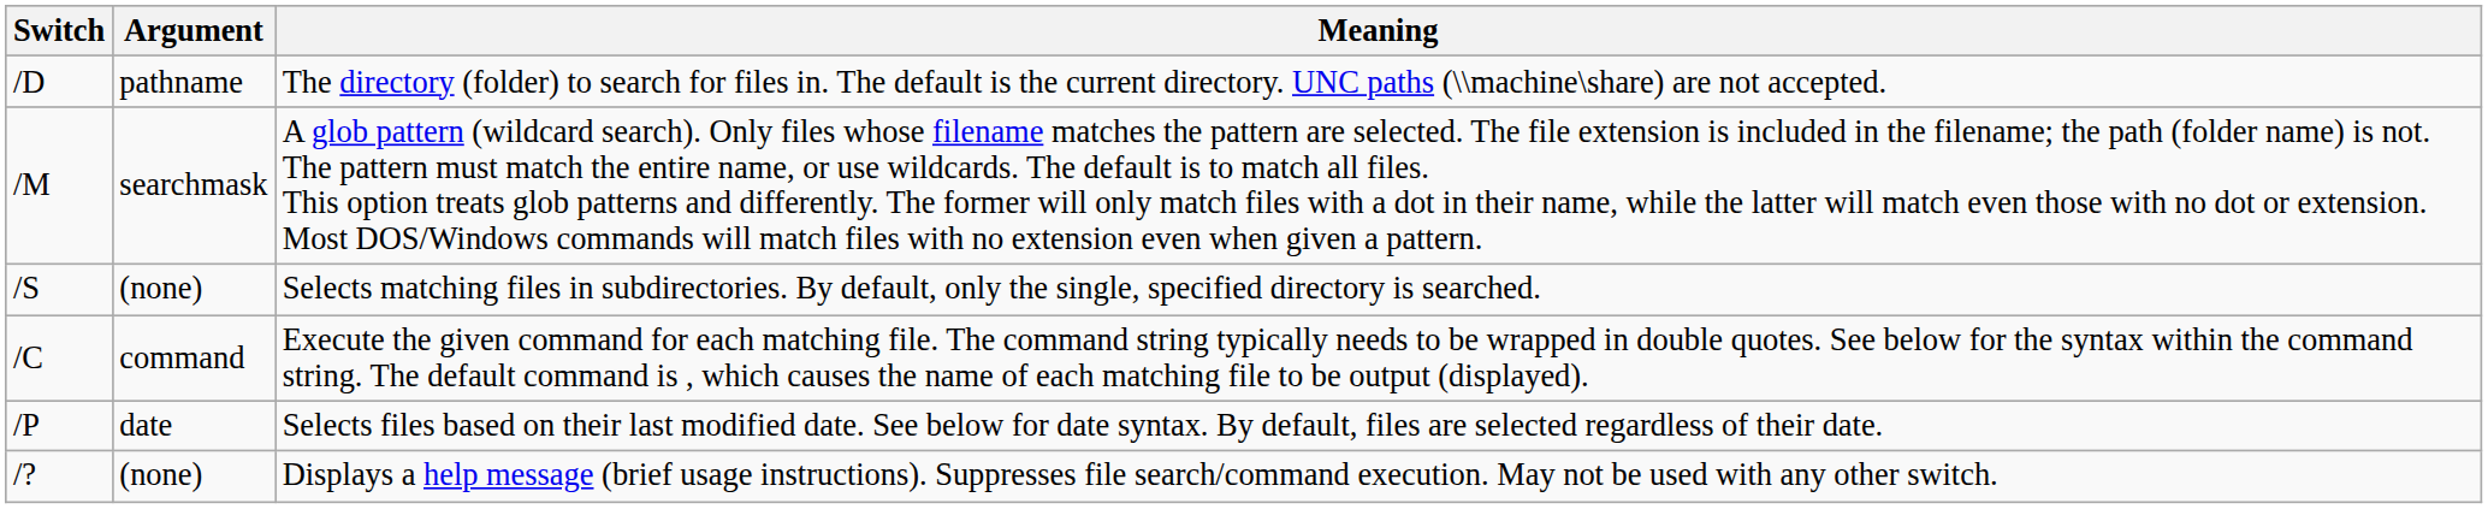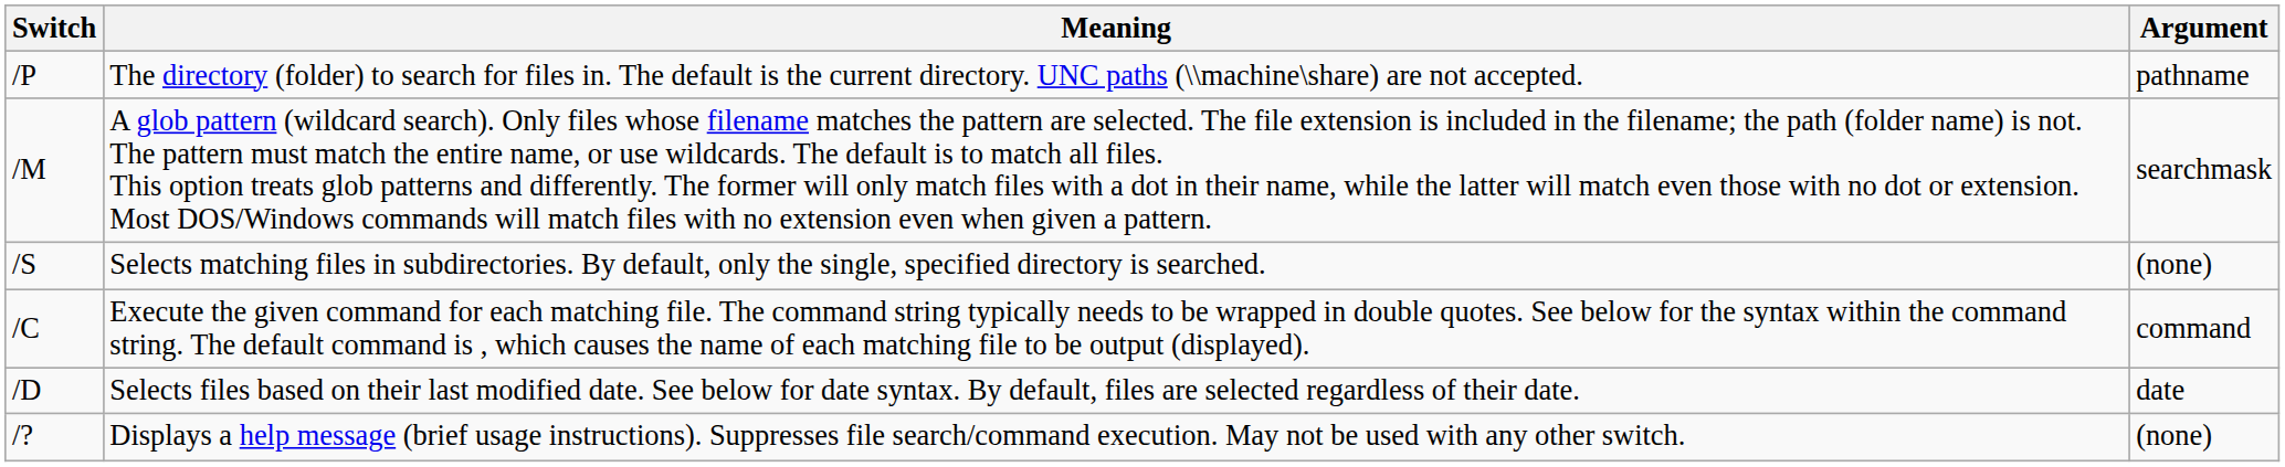 <table class="wikitable sortable">
 <tr>
 <th>Switch</th>
+<th>Meaning</th>
 <th>Argument</th>
-<th>Meaning</th>
+</tr>
+<tr>
+<td>/P</td>
+<td>The <a href='#'>directory</a> (folder) to search for files in.  The default is the current directory.  <a href='#'>UNC paths</a> (\\machine\share) are not accepted.</td>
+<td>pathname</td>
+</tr>
+<tr>
+<td>/M</td>
+<td>A <a href='#'>glob pattern</a> (wildcard search).  Only files whose <a href='#'>filename</a> matches the pattern are selected.  The file extension is included in the filename; the path (folder name) is not.  The pattern must match the entire name, or use wildcards.  The default is to match all files.<br>This option treats glob patterns  and  differently.  The former will only match files with a dot in their name, while the latter will match even those with no dot or extension.  Most DOS/Windows commands will match files with no extension even when given a  pattern.</td>
+<td>searchmask</td>
+</tr>
+<tr>
+<td>/S</td>
+<td>Selects matching files in subdirectories.  By default, only the single, specified directory is searched.</td>
+<td>(none)</td>
+</tr>
+<tr>
+<td>/C</td>
+<td>Execute the given command for each matching file.  The command string typically needs to be wrapped in double quotes.  See below for the syntax within the command string.  The default command is , which causes the name of each matching file to be output (displayed).</td>
+<td>command</td>
 </tr>
 <tr>
 <td>/D</td>
-<td>pathname</td>
-<td>The <a href='#'>directory</a> (folder) to search for files in.  The default is the current directory.  <a href='#'>UNC paths</a> (\\machine\share) are not accepted.</td>
-</tr>
-<tr>
-<td>/M</td>
-<td>searchmask</td>
-<td>A <a href='#'>glob pattern</a> (wildcard search).  Only files whose <a href='#'>filename</a> matches the pattern are selected.  The file extension is included in the filename; the path (folder name) is not.  The pattern must match the entire name, or use wildcards.  The default is to match all files.<br>This option treats glob patterns  and  differently.  The former will only match files with a dot in their name, while the latter will match even those with no dot or extension.  Most DOS/Windows commands will match files with no extension even when given a  pattern.</td>
-</tr>
-<tr>
-<td>/S</td>
-<td>(none)</td>
-<td>Selects matching files in subdirectories.  By default, only the single, specified directory is searched.</td>
-</tr>
-<tr>
-<td>/C</td>
-<td>command</td>
-<td>Execute the given command for each matching file.  The command string typically needs to be wrapped in double quotes.  See below for the syntax within the command string.  The default command is , which causes the name of each matching file to be output (displayed).</td>
-</tr>
-<tr>
-<td>/P</td>
+<td>Selects files based on their last modified date.  See below for date syntax.  By default, files are selected regardless of their date.</td>
 <td>date</td>
-<td>Selects files based on their last modified date.  See below for date syntax.  By default, files are selected regardless of their date.</td>
 </tr>
 <tr>
 <td>/?</td>
+<td>Displays a <a href='#'>help message</a> (brief usage instructions).  Suppresses file search/command execution.  May not be used with any other switch.</td>
 <td>(none)</td>
-<td>Displays a <a href='#'>help message</a> (brief usage instructions).  Suppresses file search/command execution.  May not be used with any other switch.</td>
 </tr>
 </table>
